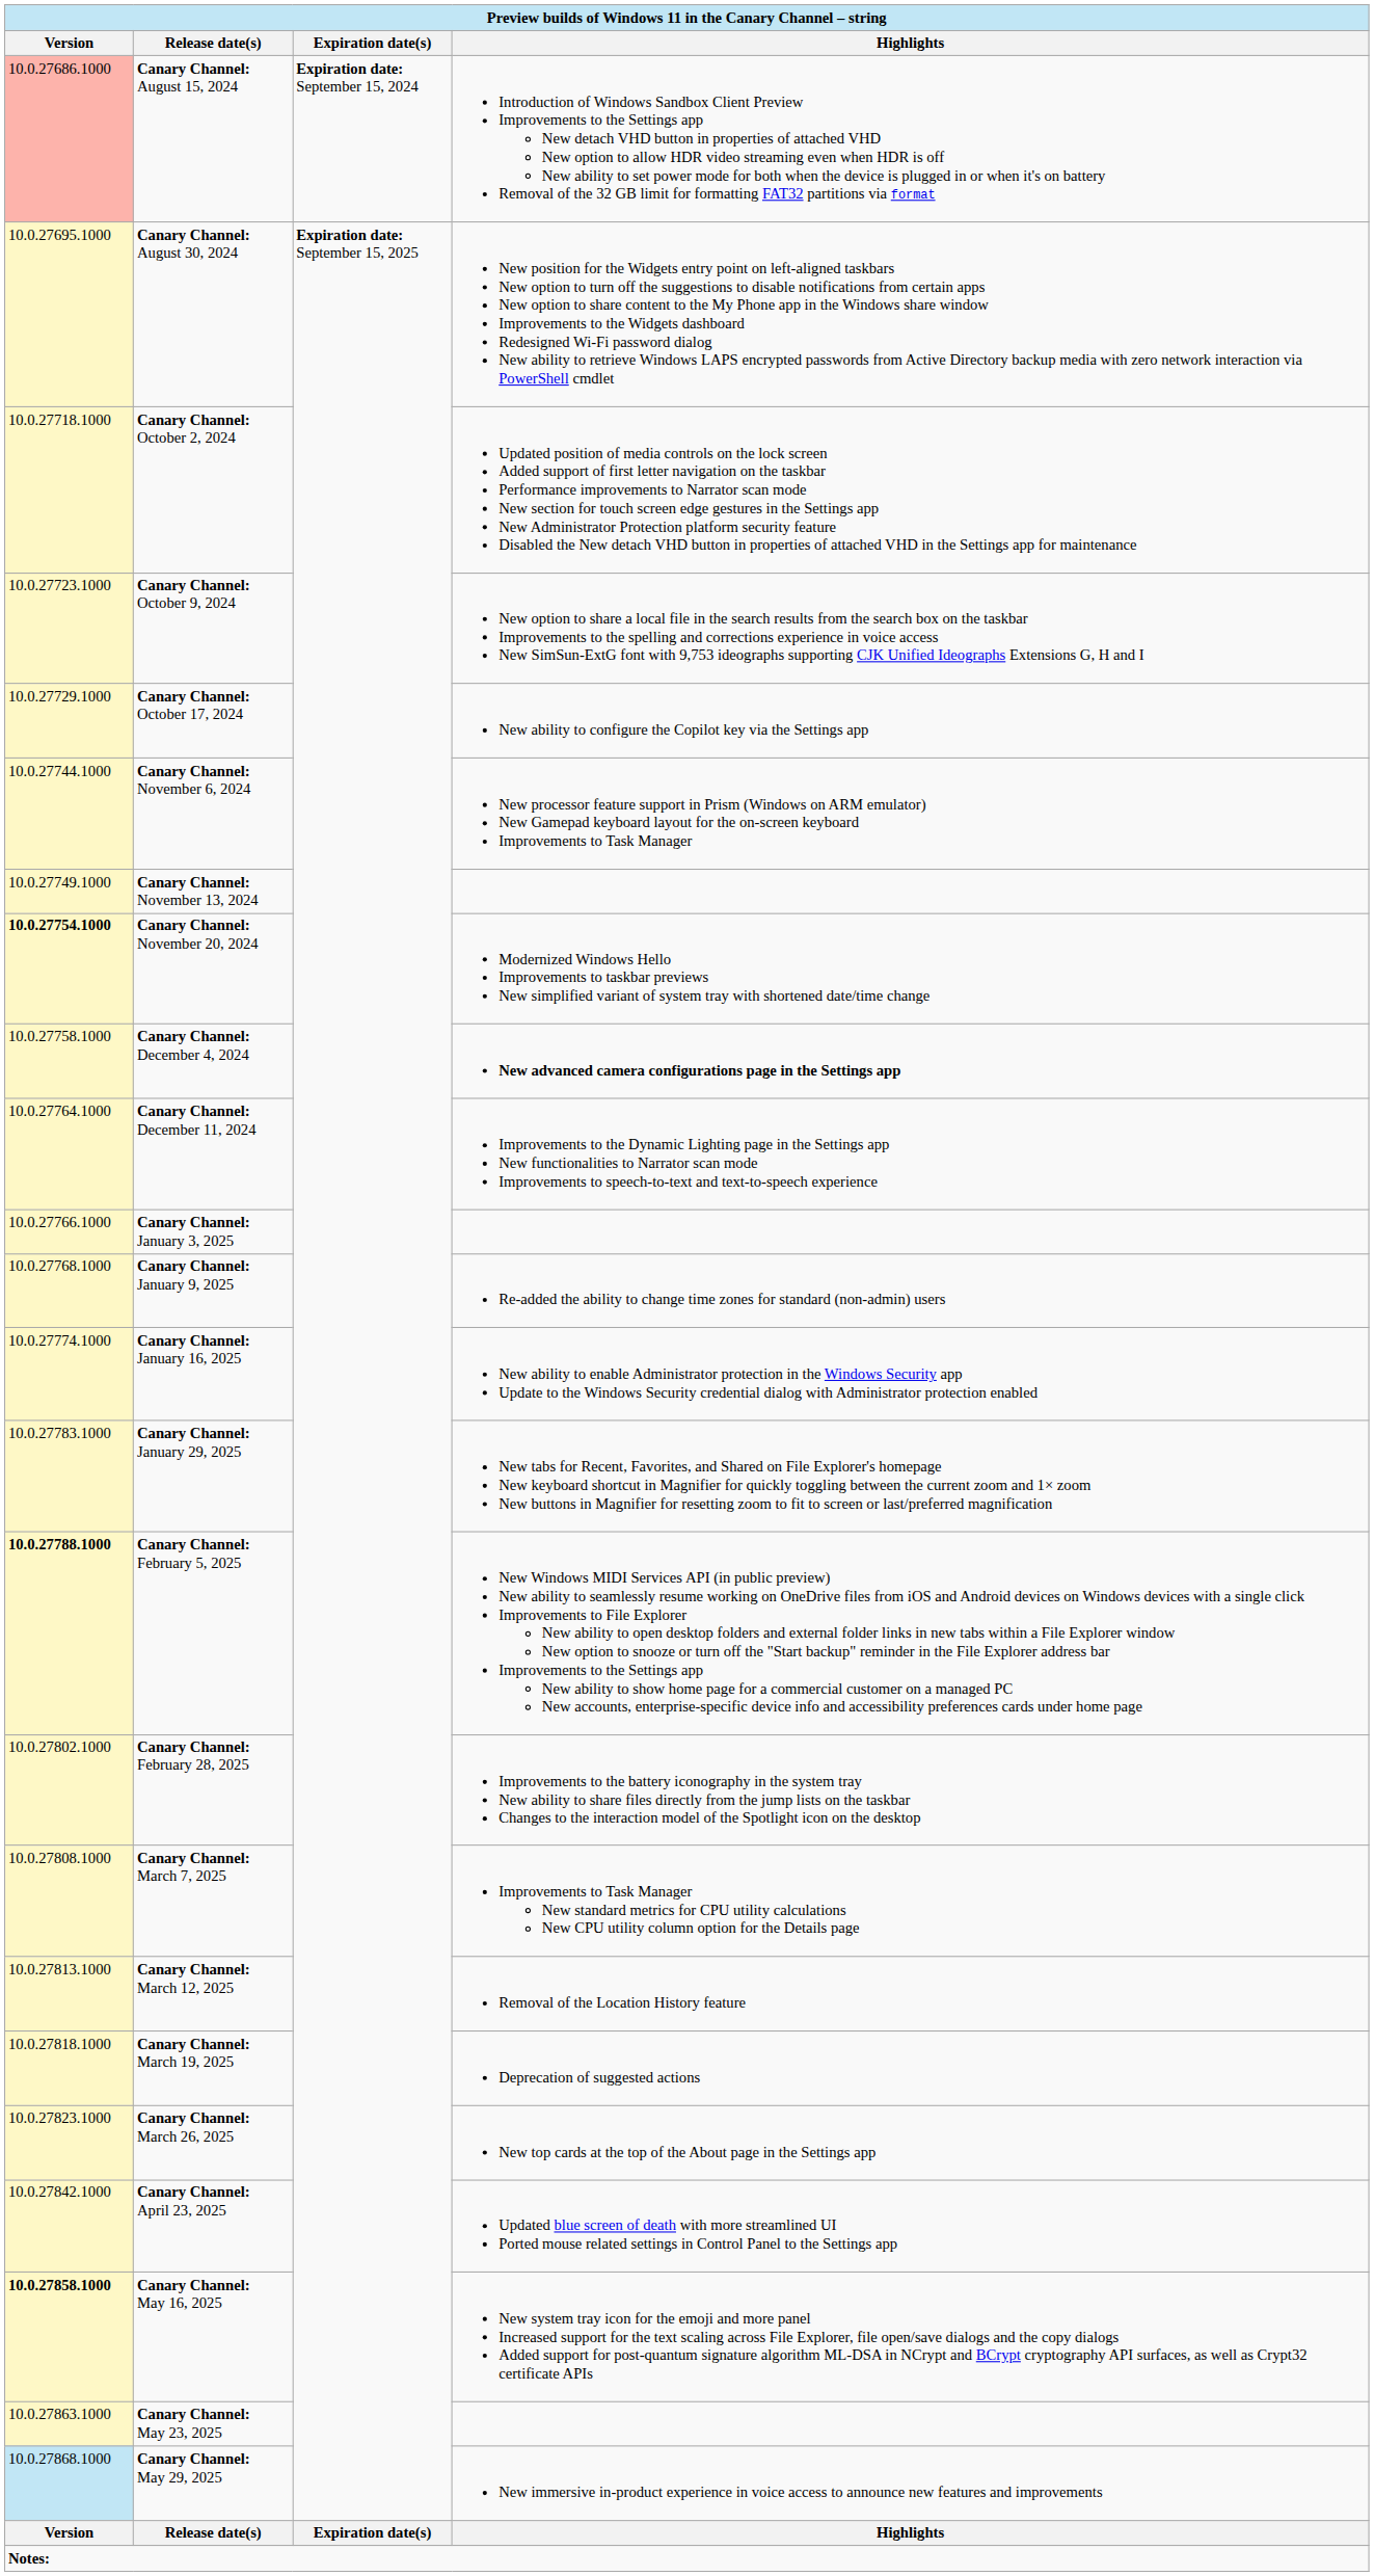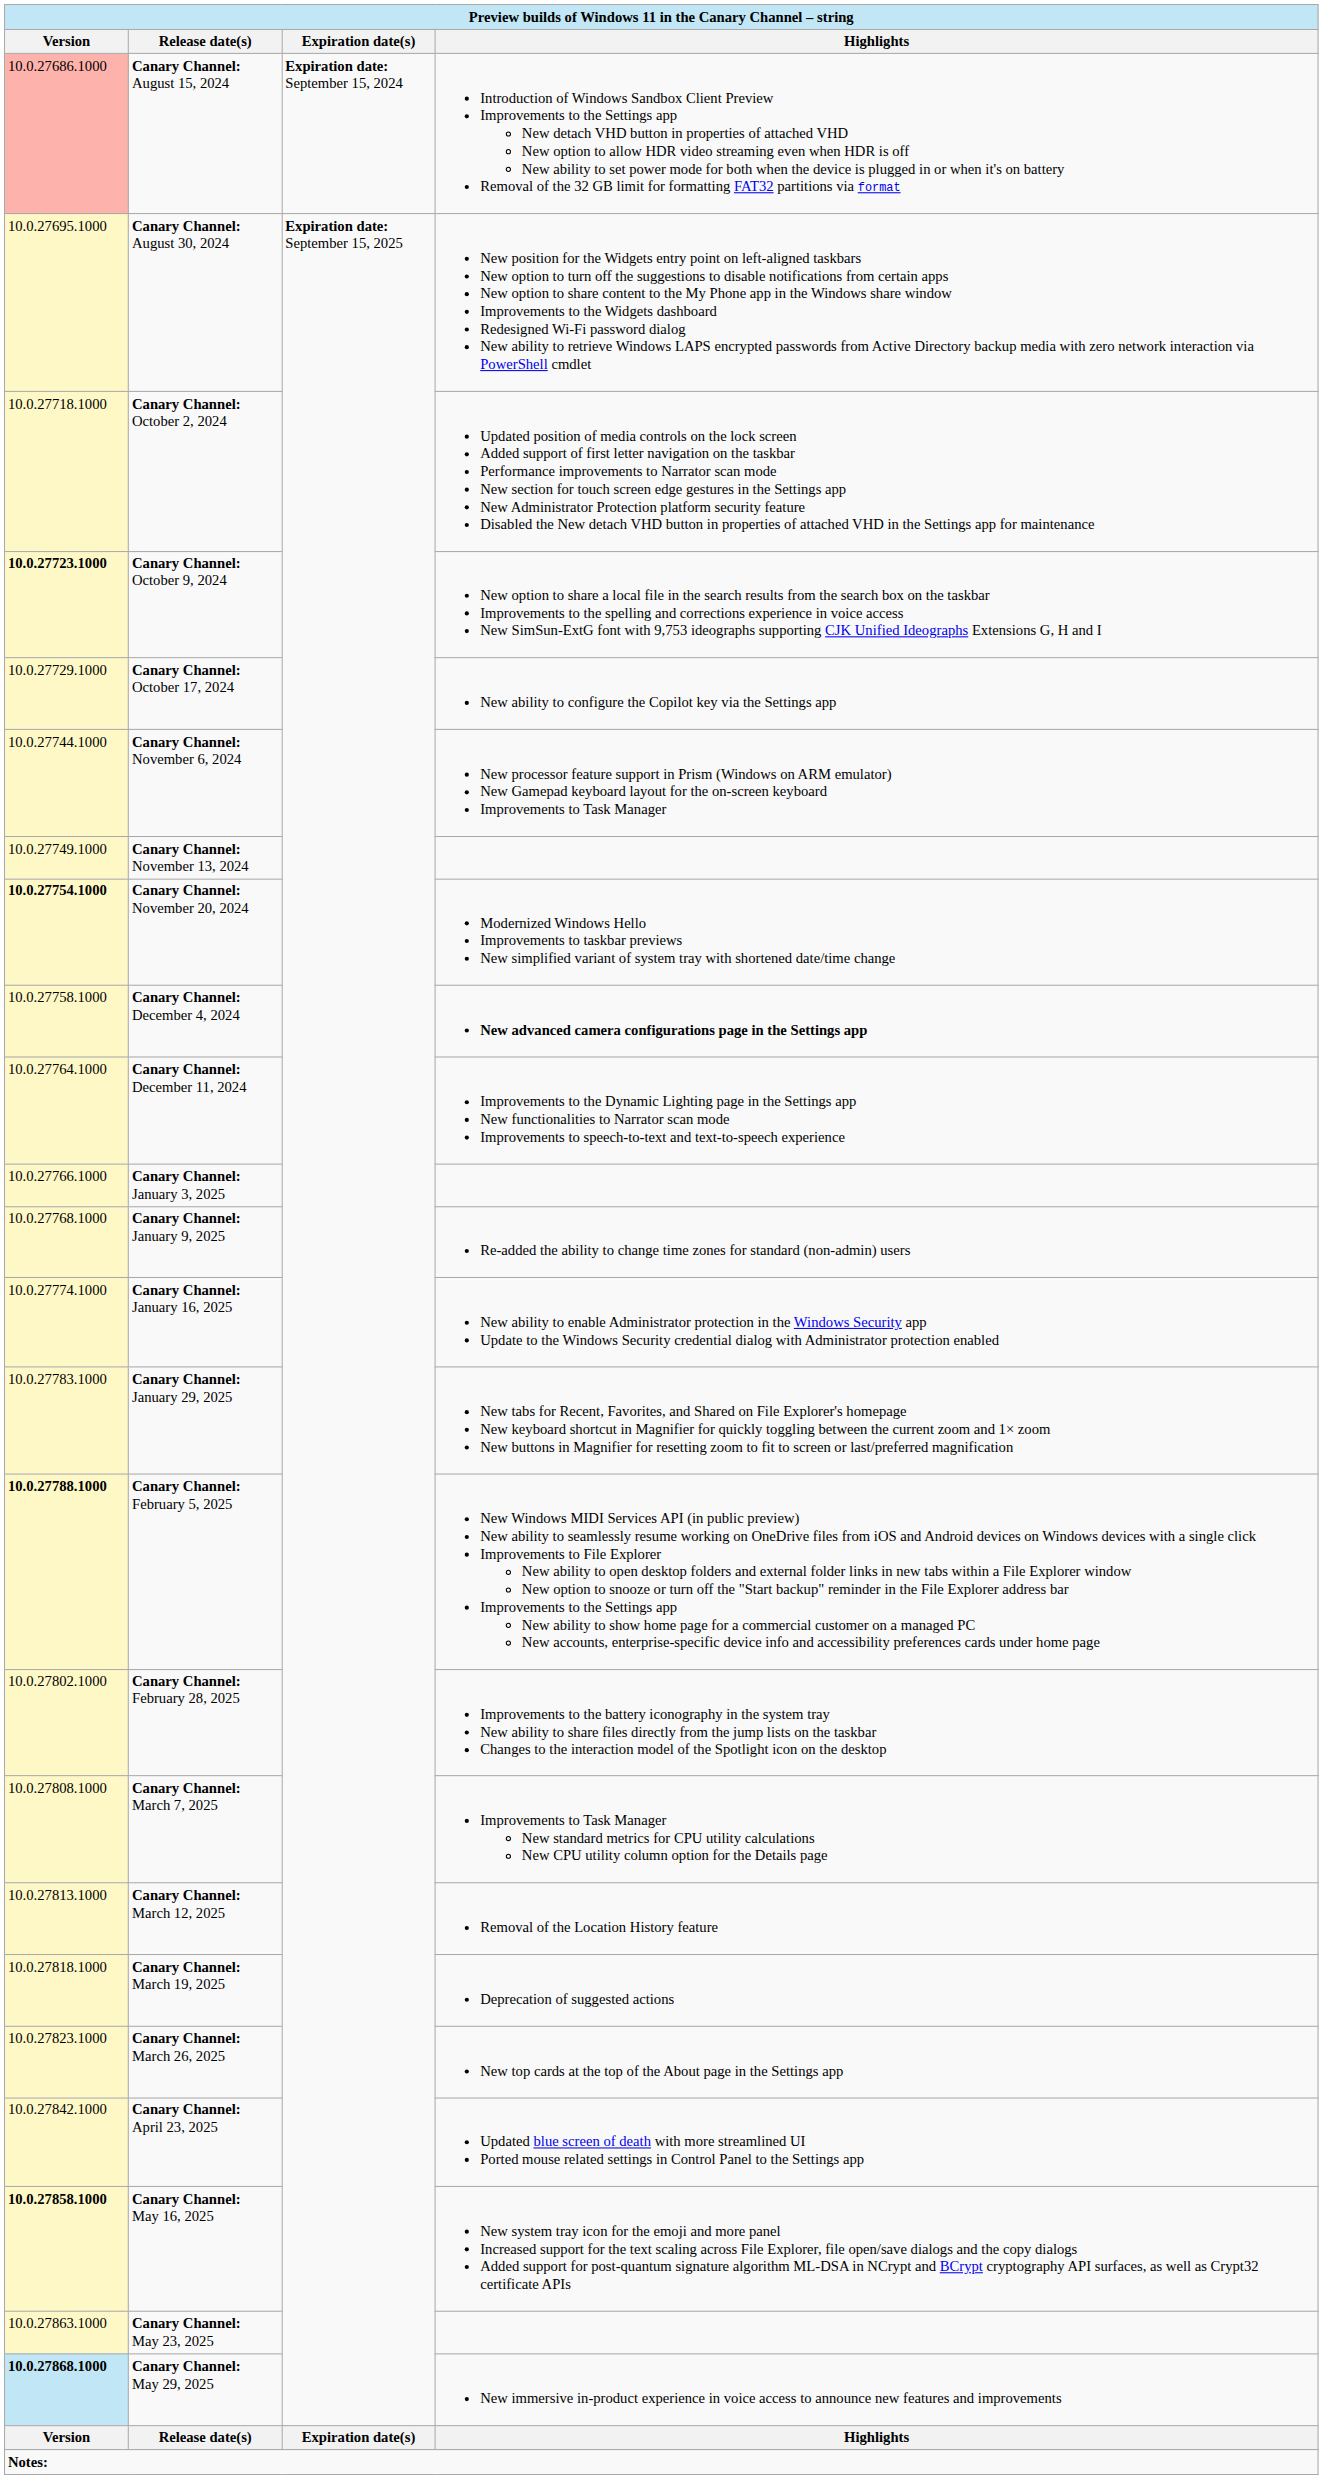 <table class="wikitable mw-collapsible mw-collapsed" style=width:100%;font-size:88%>
 <tr>
 <th colspan=4 style=background:#c1e6f5>Preview builds of Windows 11 in the Canary Channel –  string</th>
 </tr>
 <tr>
 <th scope=col style=width:8em>Version</th>
 <th scope=col style=width:10em>Release date(s)</th>
 <th scope=col style=width:10em>Expiration date(s)</th>
 <th scope=col>Highlights</th>
 </tr>
 <tr valign=top>
 <td style=background:#fdb3ab>10.0.27686.1000<br></td>
 <td><strong>Canary Channel:</strong><br>August 15, 2024</td>
 <td><strong>Expiration date:</strong><br>September 15, 2024</td>
 <td><br><ul><li>Introduction of Windows Sandbox Client Preview</li><li>Improvements to the Settings app<ul><li>New detach VHD button in properties of attached VHD</li><li>New option to allow HDR video streaming even when HDR is off</li><li>New ability to set power mode for both when the device is plugged in or when it's on battery</li></ul></li><li>Removal of the 32 GB limit for formatting <a href='#'>FAT32</a> partitions via <code><a href='#'>format</a></code></li></ul></td>
 </tr>
 <tr valign=top>
 <td style=background:#fef8c6>10.0.27695.1000<br></td>
 <td><strong>Canary Channel:</strong><br>August 30, 2024</td>
 <td rowspan=23><strong>Expiration date:</strong><br>September 15, 2025</td>
 <td><br><ul><li>New position for the Widgets entry point on left-aligned taskbars</li><li>New option to turn off the suggestions to disable notifications from certain apps</li><li>New option to share content to the My Phone app in the Windows share window</li><li>Improvements to the Widgets dashboard</li><li>Redesigned Wi-Fi password dialog</li><li>New ability to retrieve Windows LAPS encrypted passwords from Active Directory backup media with zero network interaction via  <a href='#'>PowerShell</a> cmdlet</li></ul></td>
 </tr>
 <tr valign=top>
 <td style=background:#fef8c6>10.0.27718.1000<br></td>
 <td><strong>Canary Channel:</strong><br>October 2, 2024</td>
 <td><br><ul><li>Updated position of media controls on the lock screen</li><li>Added support of first letter navigation on the taskbar</li><li>Performance improvements to Narrator scan mode</li><li>New section for touch screen edge gestures in the Settings app</li><li>New Administrator Protection platform security feature</li><li>Disabled the New detach VHD button in properties of attached VHD in the Settings app for maintenance</li></ul></td>
 </tr>
 <tr valign=top>
-<td style=background:#fef8c6>10.0.27723.1000<br></td>
+<td style=background:#fef8c6><strong>10.0.27723.1000<br></strong></td>
 <td><strong>Canary Channel:</strong><br>October 9, 2024</td>
 <td><br><ul><li>New option to share a local file in the search results from the search box on the taskbar</li><li>Improvements to the spelling and corrections experience in voice access</li><li>New SimSun-ExtG font with 9,753 ideographs supporting <a href='#'>CJK Unified Ideographs</a> Extensions G, H and I</li></ul></td>
 </tr>
 <tr valign=top>
 <td style=background:#fef8c6>10.0.27729.1000<br></td>
 <td><strong>Canary Channel:</strong><br>October 17, 2024</td>
 <td><br><ul><li>New ability to configure the Copilot key via the Settings app</li></ul></td>
 </tr>
 <tr valign=top>
 <td style=background:#fef8c6>10.0.27744.1000<br></td>
 <td><strong>Canary Channel:</strong><br>November 6, 2024</td>
 <td><br><ul><li>New processor feature support in Prism (Windows on ARM emulator)</li><li>New Gamepad keyboard layout for the on-screen keyboard</li><li>Improvements to Task Manager</li></ul></td>
 </tr>
 <tr valign=top>
 <td style=background:#fef8c6>10.0.27749.1000<br></td>
 <td><strong>Canary Channel:</strong><br>November 13, 2024</td>
 <td></td>
 </tr>
 <tr valign=top>
 <td style=background:#fef8c6><strong>10.0.27754.1000<br></strong></td>
 <td><strong>Canary Channel:</strong><br>November 20, 2024</td>
 <td><br><ul><li>Modernized Windows Hello</li><li>Improvements to taskbar previews</li><li>New simplified variant of system tray with shortened date/time change</li></ul></td>
 </tr>
 <tr valign=top>
 <td style=background:#fef8c6>10.0.27758.1000<br></td>
 <td><strong>Canary Channel:</strong><br>December 4, 2024</td>
 <td><strong><br><ul><li>New advanced camera configurations page in the Settings app</li></ul></strong></td>
 </tr>
 <tr valign=top>
 <td style=background:#fef8c6>10.0.27764.1000<br></td>
 <td><strong>Canary Channel:</strong><br>December 11, 2024</td>
 <td><br><ul><li>Improvements to the Dynamic Lighting page in the Settings app</li><li>New functionalities to Narrator scan mode</li><li>Improvements to speech-to-text and text-to-speech experience</li></ul></td>
 </tr>
 <tr valign=top>
 <td style=background:#fef8c6>10.0.27766.1000<br></td>
 <td><strong>Canary Channel:</strong><br>January 3, 2025</td>
 <td></td>
 </tr>
 <tr valign=top>
 <td style=background:#fef8c6>10.0.27768.1000<br></td>
 <td><strong>Canary Channel:</strong><br>January 9, 2025</td>
 <td><br><ul><li>Re-added the ability to change time zones for standard (non-admin) users</li></ul></td>
 </tr>
 <tr valign=top>
 <td style=background:#fef8c6>10.0.27774.1000<br></td>
 <td><strong>Canary Channel:</strong><br>January 16, 2025</td>
 <td><br><ul><li>New ability to enable Administrator protection in the <a href='#'>Windows Security</a> app</li><li>Update to the Windows Security credential dialog with Administrator protection enabled</li></ul></td>
 </tr>
 <tr valign=top>
 <td style=background:#fef8c6>10.0.27783.1000<br></td>
 <td><strong>Canary Channel:</strong><br>January 29, 2025</td>
 <td><br><ul><li>New tabs for Recent, Favorites, and Shared on File Explorer's homepage</li><li>New keyboard shortcut in Magnifier for quickly toggling between the current zoom and 1× zoom</li><li>New buttons in Magnifier for resetting zoom to fit to screen or last/preferred magnification</li></ul></td>
 </tr>
 <tr valign=top>
 <td style=background:#fef8c6><strong>10.0.27788.1000<br></strong></td>
 <td><strong>Canary Channel:</strong><br>February 5, 2025</td>
 <td><br><ul><li>New Windows MIDI Services API (in public preview)</li><li>New ability to seamlessly resume working on OneDrive files from iOS and Android devices on Windows devices with a single click</li><li>Improvements to File Explorer<ul><li>New ability to open desktop folders and external folder links in new tabs within a File Explorer window</li><li>New option to snooze or turn off the "Start backup" reminder in the File Explorer address bar</li></ul></li><li>Improvements to the Settings app<ul><li>New ability to show home page for a commercial customer on a managed PC</li><li>New accounts, enterprise-specific device info and accessibility preferences cards under home page</li></ul></li></ul></td>
 </tr>
 <tr valign=top>
 <td style=background:#fef8c6>10.0.27802.1000<br></td>
 <td><strong>Canary Channel:</strong><br>February 28, 2025</td>
 <td><br><ul><li>Improvements to the battery iconography in the system tray</li><li>New ability to share files directly from the jump lists on the taskbar</li><li>Changes to the interaction model of the Spotlight icon on the desktop</li></ul></td>
 </tr>
 <tr valign=top>
 <td style=background:#fef8c6>10.0.27808.1000<br></td>
 <td><strong>Canary Channel:</strong><br>March 7, 2025</td>
 <td><br><ul><li>Improvements to Task Manager<ul><li>New standard metrics for CPU utility calculations</li><li>New CPU utility column option for the Details page</li></ul></li></ul></td>
 </tr>
 <tr valign=top>
 <td style=background:#fef8c6>10.0.27813.1000<br></td>
 <td><strong>Canary Channel:</strong><br>March 12, 2025</td>
 <td><br><ul><li>Removal of the Location History feature</li></ul></td>
 </tr>
 <tr valign=top>
 <td style=background:#fef8c6>10.0.27818.1000<br></td>
 <td><strong>Canary Channel:</strong><br>March 19, 2025</td>
 <td><br><ul><li>Deprecation of suggested actions</li></ul></td>
 </tr>
 <tr valign=top>
 <td style=background:#fef8c6>10.0.27823.1000<br></td>
 <td><strong>Canary Channel:</strong><br>March 26, 2025</td>
 <td><br><ul><li>New top cards at the top of the About page in the Settings app</li></ul></td>
 </tr>
 <tr valign=top>
 <td style=background:#fef8c6>10.0.27842.1000<br></td>
 <td><strong>Canary Channel:</strong><br>April 23, 2025</td>
 <td><br><ul><li>Updated <a href='#'>blue screen of death</a> with more streamlined UI</li><li>Ported mouse related settings in Control Panel to the Settings app</li></ul></td>
 </tr>
 <tr valign=top>
 <td style=background:#fef8c6><strong>10.0.27858.1000<br></strong></td>
 <td><strong>Canary Channel:</strong><br>May 16, 2025</td>
 <td><br><ul><li>New system tray icon for the emoji and more panel</li><li>Increased support for the text scaling across File Explorer, file open/save dialogs and the copy dialogs</li><li>Added support for post-quantum signature algorithm ML-DSA in NCrypt and <a href='#'>BCrypt</a> cryptography API surfaces, as well as Crypt32 certificate APIs</li></ul></td>
 </tr>
 <tr valign=top>
 <td style=background:#fef8c6>10.0.27863.1000<br></td>
 <td><strong>Canary Channel:</strong><br>May 23, 2025</td>
 <td></td>
 </tr>
 <tr valign=top>
-<td style=background:#c1e6f5>10.0.27868.1000<br></td>
+<td style=background:#c1e6f5><strong>10.0.27868.1000<br></strong></td>
 <td><strong>Canary Channel:</strong><br>May 29, 2025</td>
 <td><br><ul><li>New immersive in-product experience in voice access to announce new features and improvements</li></ul></td>
 </tr>
 <tr>
 <th>Version</th>
 <th>Release date(s)</th>
 <th>Expiration date(s)</th>
 <th>Highlights</th>
 </tr>
 <tr>
 <td class="wikitable mw-collapsible" colspan=4 style=text-align:left><strong>Notes:</strong></td>
 </tr>
 </table>
